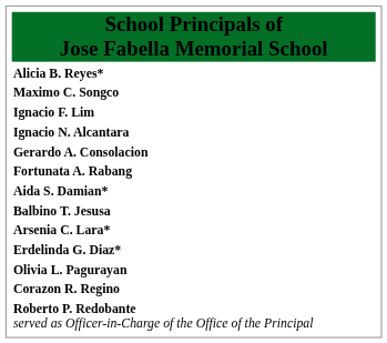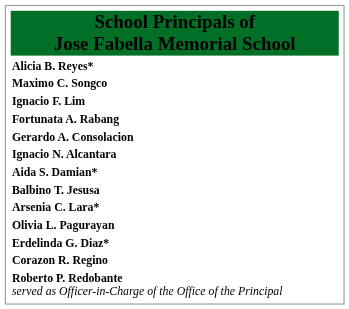 <table style="float:right; margin:1em; width:18em; border:1px solid #a0a0a0; padding:2px; bg-color=yellow; text-align:right;">
 <tr style="background:#026f27; text-align:center;">
 <td><span><strong>School Principals of <br>Jose Fabella Memorial School</strong></span></td>
 </tr>
 <tr style="text-align:left; font-size:x-small;">
 <td><strong>Alicia B. Reyes*</strong></td>
 </tr>
 <tr style="text-align:left; font-size:x-small;">
 <td><strong>Maximo C. Songco</strong></td>
 </tr>
 <tr style="text-align:left; font-size:x-small;">
 <td><strong>Ignacio F. Lim</strong></td>
 </tr>
 <tr style="text-align:left; font-size:x-small;">
-<td><strong>Ignacio N. Alcantara</strong></td>
+<td><strong>Fortunata A. Rabang</strong></td>
 </tr>
 <tr style="text-align:left; font-size:x-small;">
 <td><strong>Gerardo A. Consolacion</strong></td>
 </tr>
 <tr style="text-align:left; font-size:x-small;">
-<td><strong>Fortunata A. Rabang</strong></td>
+<td><strong>Ignacio N. Alcantara</strong></td>
 </tr>
 <tr style="text-align:left; font-size:x-small;">
 <td><strong>Aida S. Damian*</strong></td>
 </tr>
 <tr style="text-align:left; font-size:x-small;">
 <td><strong>Balbino T. Jesusa</strong></td>
 </tr>
 <tr style="text-align:left; font-size:x-small;">
 <td><strong>Arsenia C. Lara*</strong></td>
 </tr>
 <tr style="text-align:left; font-size:x-small;">
-<td><strong>Erdelinda G. Diaz*</strong></td>
+<td><strong>Olivia L. Pagurayan</strong></td>
 </tr>
 <tr style="text-align:left; font-size:x-small;">
-<td><strong>Olivia L. Pagurayan</strong></td>
+<td><strong>Erdelinda G. Diaz*</strong></td>
 </tr>
 <tr style="text-align:left; font-size:x-small;">
 <td><strong>Corazon R. Regino</strong></td>
 </tr>
 <tr style="text-align:left; font-size:x-small;">
 <td><strong>Roberto P. Redobante</strong><br><em>served as Officer-in-Charge of the Office of the Principal</em></td>
 </tr>
 </table>
